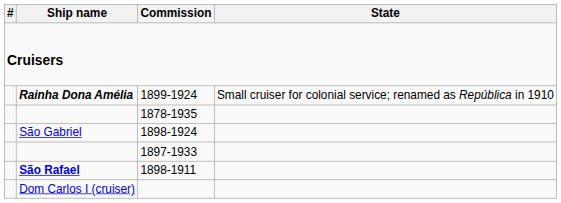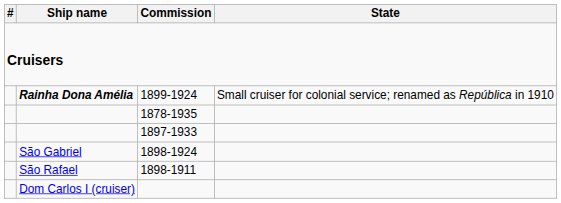 <table class="wikitable">
 <tr>
 <th>#</th>
 <th>Ship name</th>
 <th>Commission</th>
 <th>State</th>
 </tr>
 <tr>
 <td colspan="4"><br><h3>Cruisers</h3></td>
 </tr>
 <tr>
 <td></td>
 <td><strong><em>Rainha Dona Amélia</em></strong></td>
 <td>1899-1924</td>
 <td>Small cruiser for colonial service; renamed as <em>República</em> in 1910</td>
 </tr>
 <tr>
 <td></td>
 <td></td>
 <td>1878-1935</td>
 <td></td>
 </tr>
 <tr>
 <td></td>
+<td></td>
+<td>1897-1933</td>
+<td></td>
+</tr>
+<tr>
+<td></td>
 <td><a href='#'>São Gabriel</a></td>
 <td>1898-1924</td>
 <td></td>
 </tr>
 <tr>
 <td></td>
-<td></td>
-<td>1897-1933</td>
-<td></td>
-</tr>
-<tr>
-<td></td>
-<td><strong><a href='#'>São Rafael</a></strong></td>
+<td><a href='#'>São Rafael</a></td>
 <td>1898-1911</td>
 <td></td>
 </tr>
 <tr>
 <td></td>
 <td><a href='#'>Dom Carlos I (cruiser)</a></td>
 <td></td>
 <td></td>
 </tr>
 </table>
